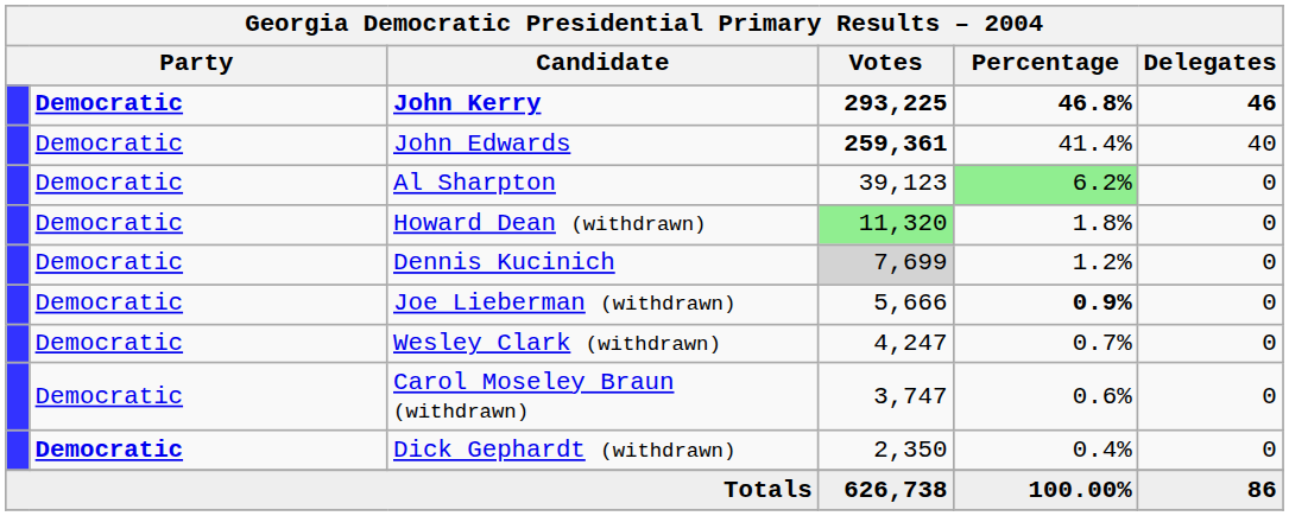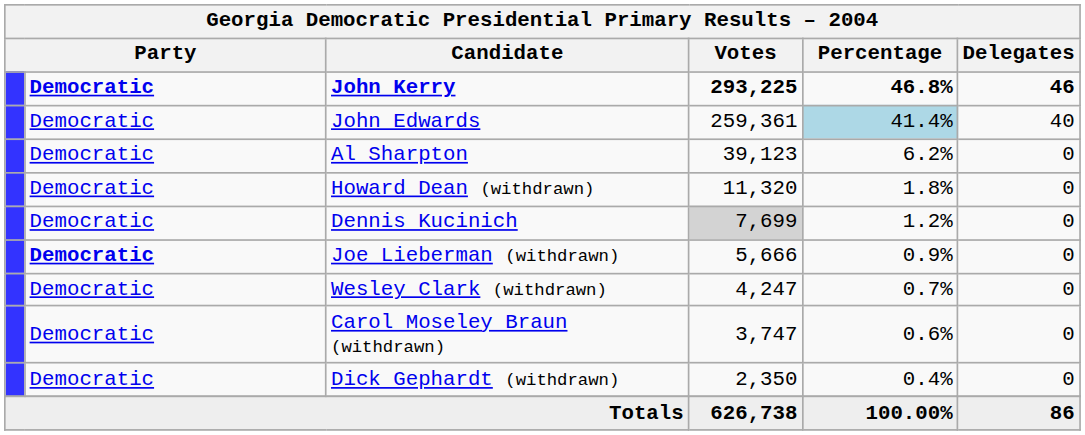 <table class="wikitable" style="font-size: 95%;">
 <tr>
 <th colspan="6">Georgia Democratic Presidential Primary Results – 2004</th>
 </tr>
 <tr>
 <th colspan="2" style="width: 15em">Party</th>
 <th style="width: 17em">Candidate</th>
 <th style="width: 5em">Votes</th>
 <th style="width: 7em">Percentage</th>
 <th style="width: 5em">Delegates</th>
 </tr>
 <tr>
 <th style="background-color:#3333FF; width: 3px"></th>
 <td style="width: 130px"><strong><a href='#'>Democratic</a></strong></td>
 <td><strong><a href='#'>John Kerry</a></strong></td>
 <td align="right"><strong>293,225</strong></td>
 <td align="right"><strong>46.8%</strong></td>
 <td align="right"><strong>46</strong></td>
 </tr>
 <tr>
 <th style="background-color:#3333FF; width: 3px"></th>
 <td style="width: 130px"><a href='#'>Democratic</a></td>
 <td><a href='#'>John Edwards</a></td>
-<td align="right"><strong>259,361</strong></td>
-<td align="right">41.4%</td>
+<td align="right">259,361</td>
+<td align="right" style="background: lightblue;">41.4%</td>
 <td align="right">40</td>
 </tr>
 <tr>
 <th style="background-color:#3333FF; width: 3px"></th>
 <td style="width: 130px"><a href='#'>Democratic</a></td>
 <td><a href='#'>Al Sharpton</a></td>
 <td align="right">39,123</td>
-<td align="right" style="background: lightgreen;">6.2%</td>
+<td align="right">6.2%</td>
 <td align="right">0</td>
 </tr>
 <tr>
 <th style="background-color:#3333FF; width: 3px"></th>
 <td style="width: 130px"><a href='#'>Democratic</a></td>
 <td><a href='#'>Howard Dean</a> <small>(withdrawn)</small></td>
-<td align="right" style="background: lightgreen;">11,320</td>
+<td align="right">11,320</td>
 <td align="right">1.8%</td>
 <td align="right">0</td>
 </tr>
 <tr>
 <th style="background-color:#3333FF; width: 3px"></th>
 <td style="width: 130px"><a href='#'>Democratic</a></td>
 <td><a href='#'>Dennis Kucinich</a></td>
 <td align="right" style="background: lightgrey;">7,699</td>
 <td align="right">1.2%</td>
 <td align="right">0</td>
 </tr>
 <tr>
 <th style="background-color:#3333FF; width: 3px"></th>
-<td style="width: 130px"><a href='#'>Democratic</a></td>
+<td style="width: 130px"><strong><a href='#'>Democratic</a></strong></td>
 <td><a href='#'>Joe Lieberman</a> <small>(withdrawn)</small></td>
 <td align="right">5,666</td>
-<td align="right"><strong>0.9%</strong></td>
+<td align="right">0.9%</td>
 <td align="right">0</td>
 </tr>
 <tr>
 <th style="background-color:#3333FF; width: 3px"></th>
 <td style="width: 130px"><a href='#'>Democratic</a></td>
 <td><a href='#'>Wesley Clark</a> <small>(withdrawn)</small></td>
 <td align="right">4,247</td>
 <td align="right">0.7%</td>
 <td align="right">0</td>
 </tr>
 <tr>
 <th style="background-color:#3333FF; width: 3px"></th>
 <td style="width: 130px"><a href='#'>Democratic</a></td>
 <td><a href='#'>Carol Moseley Braun</a> <small>(withdrawn)</small></td>
 <td align="right">3,747</td>
 <td align="right">0.6%</td>
 <td align="right">0</td>
 </tr>
 <tr>
 <th style="background-color:#3333FF; width: 3px"></th>
-<td style="width: 130px"><strong><a href='#'>Democratic</a></strong></td>
+<td style="width: 130px"><a href='#'>Democratic</a></td>
 <td><a href='#'>Dick Gephardt</a> <small>(withdrawn)</small></td>
 <td align="right">2,350</td>
 <td align="right">0.4%</td>
 <td align="right">0</td>
 </tr>
 <tr>
 </tr>
 <tr bgcolor="#EEEEEE">
 <td colspan="3" align="right"><strong>Totals</strong></td>
 <td align="right"><strong>626,738</strong></td>
 <td align="right"><strong>100.00%</strong></td>
 <td align="right"><strong>86</strong></td>
 </tr>
 </table>
